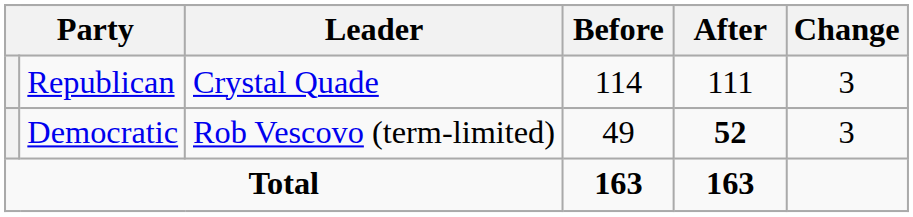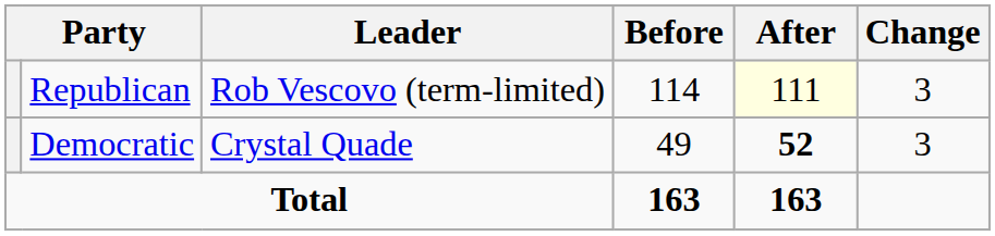 <table class="wikitable" style="text-align:center;">
 <tr>
 </tr>
 <tr>
 <th colspan=2>Party</th>
 <th>Leader</th>
 <th style="width:3em">Before</th>
 <th style="width:3em">After</th>
 <th style="width:3em">Change</th>
 </tr>
 <tr>
 <th style="background-color:"></th>
 <td style="text-align:left;"><a href='#'>Republican</a></td>
-<td style="text-align:left;"><a href='#'>Crystal Quade</a></td>
+<td style="text-align:left;"><a href='#'>Rob Vescovo</a> (term-limited)</td>
 <td>114</td>
-<td>111</td>
+<td style="background: lightyellow;">111</td>
 <td>3</td>
 </tr>
 <tr>
 <th style="background-color:"></th>
 <td style="text-align:left;"><a href='#'>Democratic</a></td>
-<td style="text-align:left;"><a href='#'>Rob Vescovo</a> (term-limited)</td>
+<td style="text-align:left;"><a href='#'>Crystal Quade</a></td>
 <td>49</td>
 <td><strong>52</strong></td>
 <td>3</td>
 </tr>
 <tr>
 <td colspan=3><strong>Total</strong></td>
 <td><strong>163</strong></td>
 <td><strong>163</strong></td>
 <td></td>
 </tr>
 </table>
